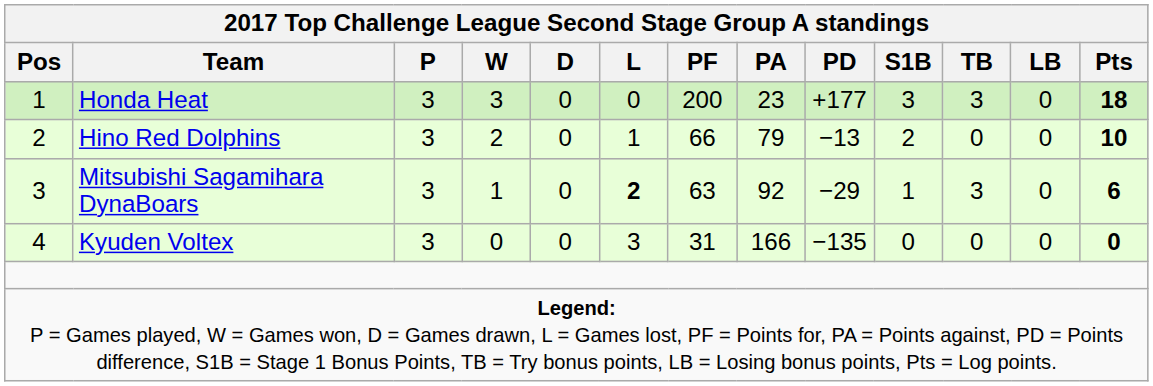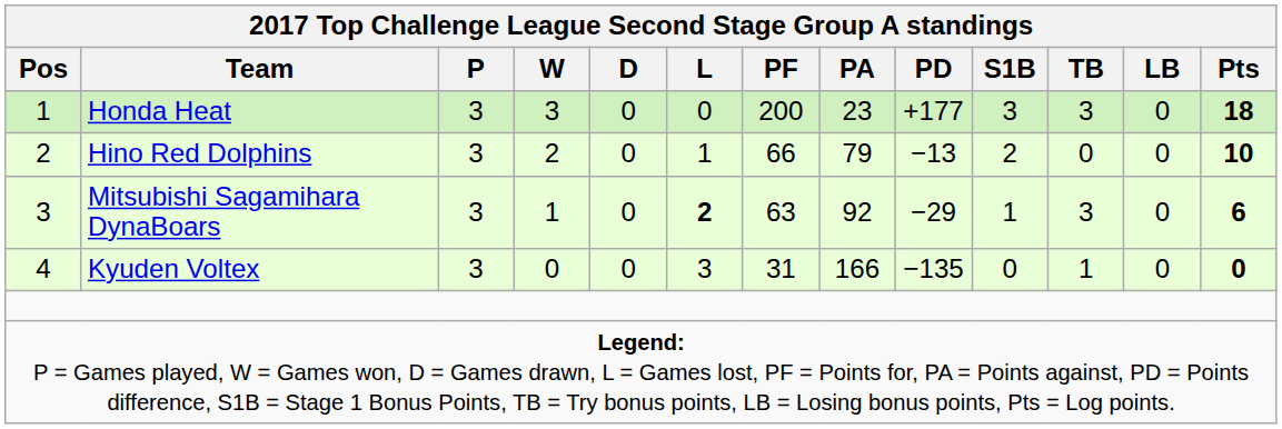 <table class="wikitable" style="text-align:center; font-size:100%; width:60%;">
 <tr>
 <th colspan="100%" cellpadding="0" cellspacing="0"><strong>2017 Top Challenge League Second Stage Group A standings</strong></th>
 </tr>
 <tr>
 <th style="width:6%;">Pos</th>
 <th style="width:28%;">Team</th>
 <th style="width:6%;">P</th>
 <th style="width:6%;">W</th>
 <th style="width:6%;">D</th>
 <th style="width:6%;">L</th>
 <th style="width:6%;">PF</th>
 <th style="width:6%;">PA</th>
 <th style="width:6%;">PD</th>
 <th style="width:6%;">S1B</th>
 <th style="width:6%;">TB</th>
 <th style="width:6%;">LB</th>
 <th style="width:6%;">Pts<br></th>
 </tr>
 <tr style="background:#D0F0C0;">
 <td>1</td>
 <td style="text-align:left;"><a href='#'>Honda Heat</a></td>
 <td>3</td>
 <td>3</td>
 <td>0</td>
 <td>0</td>
 <td>200</td>
 <td>23</td>
 <td>+177</td>
 <td>3</td>
 <td>3</td>
 <td>0</td>
 <td><strong>18</strong></td>
 </tr>
 <tr style="background:#E8FFD8;">
 <td>2</td>
 <td style="text-align:left;"><a href='#'>Hino Red Dolphins</a></td>
 <td>3</td>
 <td>2</td>
 <td>0</td>
 <td>1</td>
 <td>66</td>
 <td>79</td>
 <td>−13</td>
 <td>2</td>
 <td>0</td>
 <td>0</td>
 <td><strong>10</strong></td>
 </tr>
 <tr style="background:#E8FFD8;">
 <td>3</td>
 <td style="text-align:left;"><a href='#'>Mitsubishi Sagamihara DynaBoars</a></td>
 <td>3</td>
 <td>1</td>
 <td>0</td>
 <td><strong>2</strong></td>
 <td>63</td>
 <td>92</td>
 <td>−29</td>
 <td>1</td>
 <td>3</td>
 <td>0</td>
 <td><strong>6</strong></td>
 </tr>
 <tr style="background:#E8FFD8;">
 <td>4</td>
 <td style="text-align:left;"><a href='#'>Kyuden Voltex</a></td>
 <td>3</td>
 <td>0</td>
 <td>0</td>
 <td>3</td>
 <td>31</td>
 <td>166</td>
 <td>−135</td>
 <td>0</td>
-<td>0</td>
+<td>1</td>
 <td>0</td>
 <td><strong>0</strong></td>
 </tr>
 <tr>
 <td colspan="100%" style="height:10px;"></td>
 </tr>
 <tr>
 <td colspan="100%"><small><strong>Legend:</strong> <br> P = Games played, W = Games won, D = Games drawn, L = Games lost, PF = Points for, PA = Points against, PD = Points difference, S1B = Stage 1 Bonus Points, TB = Try bonus points, LB = Losing bonus points, Pts = Log points.</small></td>
 </tr>
 </table>
